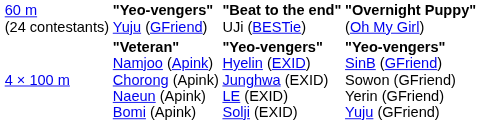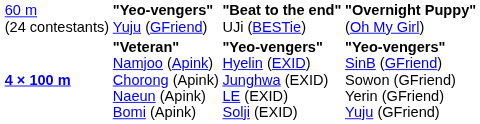 <table>
 <tr>
 <td><a href='#'>60 m</a><br>(24 contestants)</td>
 <td><strong>"Yeo-vengers"</strong><br><a href='#'>Yuju</a> (<a href='#'>GFriend</a>)</td>
 <td><strong>"Beat to the end"</strong><br>UJi (<a href='#'>BESTie</a>)</td>
 <td><strong>"Overnight Puppy"</strong><br> (<a href='#'>Oh My Girl</a>)</td>
 </tr>
 <tr>
-<td><a href='#'>4 × 100 m</a></td>
+<td><strong><a href='#'>4 × 100 m</a></strong></td>
 <td><strong>"Veteran"</strong><br><a href='#'>Namjoo</a> (<a href='#'>Apink</a>)<br><a href='#'>Chorong</a> (Apink)<br><a href='#'>Naeun</a> (Apink)<br><a href='#'>Bomi</a> (Apink)</td>
 <td><strong>"Yeo-vengers"</strong><br><a href='#'>Hyelin</a> (<a href='#'>EXID</a>)<br><a href='#'>Junghwa</a> (EXID)<br><a href='#'>LE</a> (EXID)<br><a href='#'>Solji</a> (EXID)</td>
 <td><strong>"Yeo-vengers"</strong><br><a href='#'>SinB</a> (<a href='#'>GFriend</a>)<br>Sowon (GFriend)<br>Yerin (GFriend)<br><a href='#'>Yuju</a> (GFriend)</td>
 </tr>
 </table>
